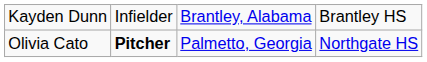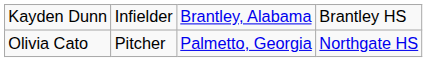 <table class="wikitable">
 <tr>
 <td>Kayden Dunn</td>
 <td>Infielder</td>
 <td><a href='#'>Brantley, Alabama</a></td>
 <td>Brantley HS</td>
 </tr>
 <tr>
 <td>Olivia Cato</td>
-<td><strong>Pitcher</strong></td>
+<td>Pitcher</td>
 <td><a href='#'>Palmetto, Georgia</a></td>
 <td><a href='#'>Northgate HS</a></td>
 </tr>
 </table>
